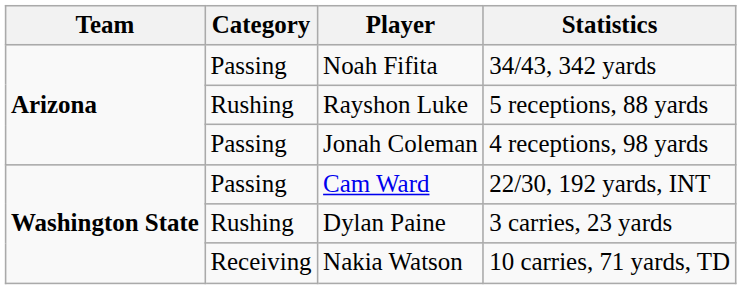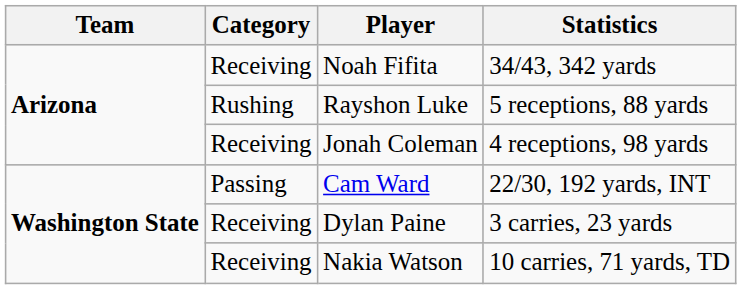 <table class="wikitable" style="float: right;">
 <tr>
 <th>Team</th>
 <th>Category</th>
 <th>Player</th>
 <th>Statistics</th>
 </tr>
 <tr>
 <td rowspan=3><strong>Arizona</strong></td>
-<td>Passing</td>
+<td>Receiving</td>
 <td>Noah Fifita</td>
 <td>34/43, 342 yards</td>
 </tr>
 <tr>
 <td>Rushing</td>
 <td>Rayshon Luke</td>
 <td>5 receptions, 88 yards</td>
 </tr>
 <tr>
-<td>Passing</td>
+<td>Receiving</td>
 <td>Jonah Coleman</td>
 <td>4 receptions, 98 yards</td>
 </tr>
 <tr>
 <td rowspan=3><strong>Washington State</strong></td>
 <td>Passing</td>
 <td><a href='#'>Cam Ward</a></td>
 <td>22/30, 192 yards, INT</td>
 </tr>
 <tr>
-<td>Rushing</td>
+<td>Receiving</td>
 <td>Dylan Paine</td>
 <td>3 carries, 23 yards</td>
 </tr>
 <tr>
 <td>Receiving</td>
 <td>Nakia Watson</td>
 <td>10 carries, 71 yards, TD</td>
 </tr>
 </table>
